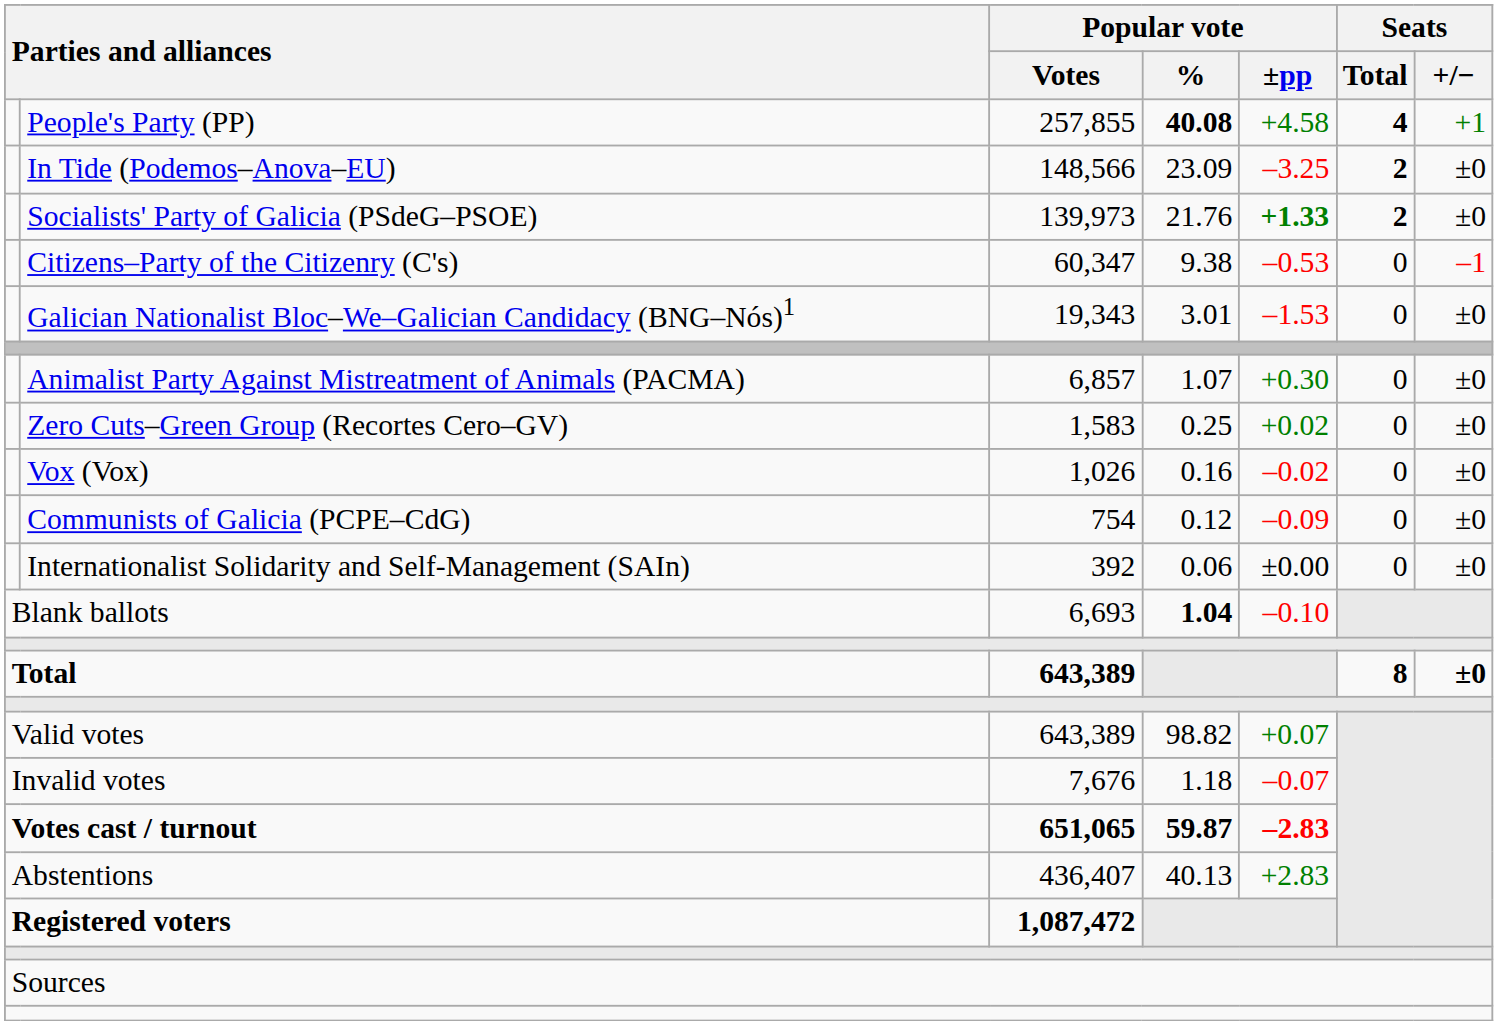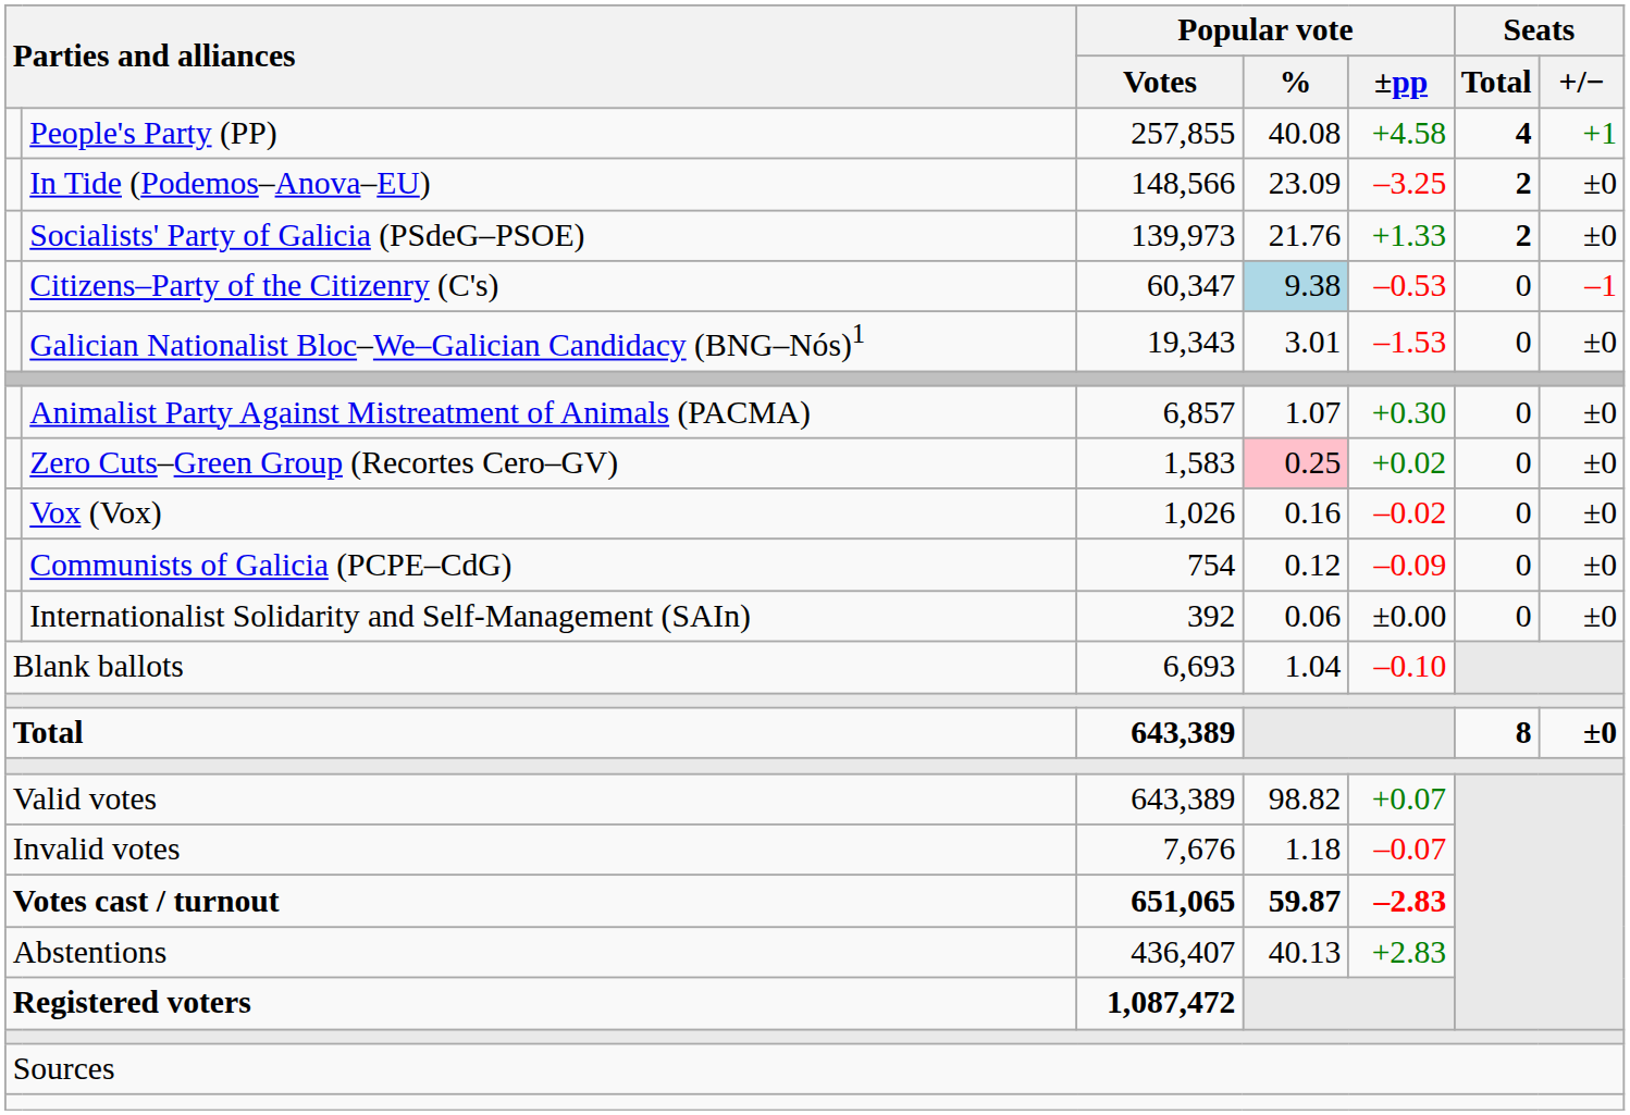 <table class="wikitable" style="text-align:right;">
 <tr>
 <th style="text-align:left;" rowspan="2" colspan="2" width="525">Parties and alliances</th>
 <th colspan="3">Popular vote</th>
 <th colspan="2">Seats</th>
 </tr>
 <tr>
 <th width="75">Votes</th>
 <th width="45">%</th>
 <th width="45">±<a href='#'>pp</a></th>
 <th width="35">Total</th>
 <th width="35">+/−</th>
 </tr>
 <tr>
 <td width="1" style="color:inherit;background:"></td>
 <td align="left"><a href='#'>People's Party</a> (PP)</td>
 <td>257,855</td>
-<td><strong>40.08</strong></td>
+<td>40.08</td>
 <td style="color:green;">+4.58</td>
 <td><strong>4</strong></td>
 <td style="color:green;">+1</td>
 </tr>
 <tr>
 <td style="color:inherit;background:"></td>
 <td align="left"><a href='#'>In Tide</a> (<a href='#'>Podemos</a>–<a href='#'>Anova</a>–<a href='#'>EU</a>)</td>
 <td>148,566</td>
 <td>23.09</td>
 <td style="color:red;">–3.25</td>
 <td><strong>2</strong></td>
 <td>±0</td>
 </tr>
 <tr>
 <td style="color:inherit;background:"></td>
 <td align="left"><a href='#'>Socialists' Party of Galicia</a> (PSdeG–PSOE)</td>
 <td>139,973</td>
 <td>21.76</td>
-<td style="color:green;"><strong>+1.33</strong></td>
+<td style="color:green;">+1.33</td>
 <td><strong>2</strong></td>
 <td>±0</td>
 </tr>
 <tr>
 <td style="color:inherit;background:"></td>
 <td align="left"><a href='#'>Citizens–Party of the Citizenry</a> (C's)</td>
 <td>60,347</td>
-<td>9.38</td>
+<td style="background: lightblue;">9.38</td>
 <td style="color:red;">–0.53</td>
 <td>0</td>
 <td style="color:red;">–1</td>
 </tr>
 <tr>
 <td style="color:inherit;background:"></td>
 <td align="left"><a href='#'>Galician Nationalist Bloc</a>–<a href='#'>We–Galician Candidacy</a> (BNG–Nós)<sup>1</sup></td>
 <td>19,343</td>
 <td>3.01</td>
 <td style="color:red;">–1.53</td>
 <td>0</td>
 <td>±0</td>
 </tr>
 <tr>
 <td colspan="7" bgcolor="#C0C0C0"></td>
 </tr>
 <tr>
 <td style="color:inherit;background:"></td>
 <td align="left"><a href='#'>Animalist Party Against Mistreatment of Animals</a> (PACMA)</td>
 <td>6,857</td>
 <td>1.07</td>
 <td style="color:green;">+0.30</td>
 <td>0</td>
 <td>±0</td>
 </tr>
 <tr>
 <td style="color:inherit;background:"></td>
 <td align="left"><a href='#'>Zero Cuts</a>–<a href='#'>Green Group</a> (Recortes Cero–GV)</td>
 <td>1,583</td>
-<td>0.25</td>
+<td style="background: pink;">0.25</td>
 <td style="color:green;">+0.02</td>
 <td>0</td>
 <td>±0</td>
 </tr>
 <tr>
 <td style="color:inherit;background:"></td>
 <td align="left"><a href='#'>Vox</a> (Vox)</td>
 <td>1,026</td>
 <td>0.16</td>
 <td style="color:red;">–0.02</td>
 <td>0</td>
 <td>±0</td>
 </tr>
 <tr>
 <td style="color:inherit;background:"></td>
 <td align="left"><a href='#'>Communists of Galicia</a> (PCPE–CdG)</td>
 <td>754</td>
 <td>0.12</td>
 <td style="color:red;">–0.09</td>
 <td>0</td>
 <td>±0</td>
 </tr>
 <tr>
 <td style="color:inherit;background:"></td>
 <td align="left">Internationalist Solidarity and Self-Management (SAIn)</td>
 <td>392</td>
 <td>0.06</td>
 <td>±0.00</td>
 <td>0</td>
 <td>±0</td>
 </tr>
 <tr>
 <td align="left" colspan="2">Blank ballots</td>
 <td>6,693</td>
-<td><strong>1.04</strong></td>
+<td>1.04</td>
 <td style="color:red;">–0.10</td>
 <td bgcolor="#E9E9E9" colspan="2"></td>
 </tr>
 <tr>
 <td colspan="7" bgcolor="#E9E9E9"></td>
 </tr>
 <tr style="font-weight:bold;">
 <td align="left" colspan="2">Total</td>
 <td>643,389</td>
 <td bgcolor="#E9E9E9" colspan="2"></td>
 <td>8</td>
 <td>±0</td>
 </tr>
 <tr>
 <td colspan="7" bgcolor="#E9E9E9"></td>
 </tr>
 <tr>
 <td align="left" colspan="2">Valid votes</td>
 <td>643,389</td>
 <td>98.82</td>
 <td style="color:green;">+0.07</td>
 <td bgcolor="#E9E9E9" colspan="2" rowspan="5"></td>
 </tr>
 <tr>
 <td align="left" colspan="2">Invalid votes</td>
 <td>7,676</td>
 <td>1.18</td>
 <td style="color:red;">–0.07</td>
 </tr>
 <tr style="font-weight:bold;">
 <td align="left" colspan="2">Votes cast / turnout</td>
 <td>651,065</td>
 <td>59.87</td>
 <td style="color:red;">–2.83</td>
 </tr>
 <tr>
 <td align="left" colspan="2">Abstentions</td>
 <td>436,407</td>
 <td>40.13</td>
 <td style="color:green;">+2.83</td>
 </tr>
 <tr style="font-weight:bold;">
 <td align="left" colspan="2">Registered voters</td>
 <td>1,087,472</td>
 <td bgcolor="#E9E9E9" colspan="2"></td>
 </tr>
 <tr>
 <td colspan="7" bgcolor="#E9E9E9"></td>
 </tr>
 <tr>
 <td align="left" colspan="7">Sources</td>
 </tr>
 <tr>
 <td colspan="7" style="text-align:left; max-width:790px;"></td>
 </tr>
 </table>
